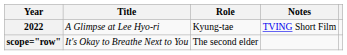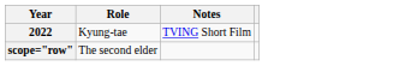 <table class="wikitable  plainrowheaders">
 <tr>
 <th scope="col">Year</th>
-<th scope="col">Title</th>
 <th scope="col">Role</th>
 <th scope="col">Notes</th>
 <th scope="col" class="unsortable"></th>
 </tr>
 <tr>
 <th scope="row">2022</th>
-<td><em>A Glimpse at Lee Hyo-ri</em></td>
 <td>Kyung-tae</td>
 <td><a href='#'>TVING</a> Short Film</td>
 <td style="text-align:center"></td>
 </tr>
 <tr>
 <th>scope="row" </th>
-<td><em>It's Okay to Breathe Next to You</em></td>
 <td>The second elder</td>
 <td></td>
 <td style="text-align:center"></td>
 </tr>
 </table>
